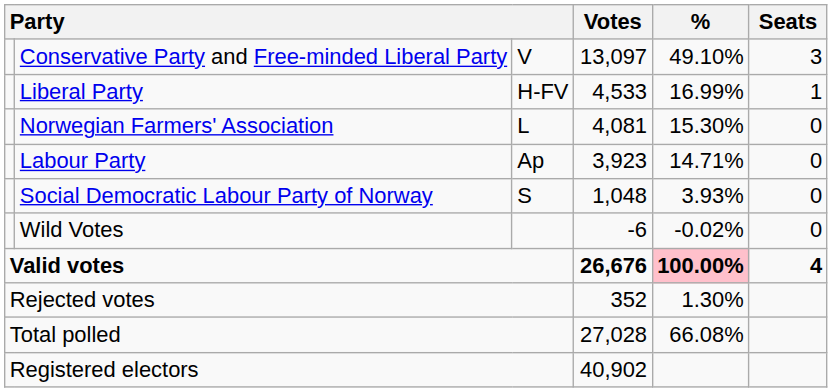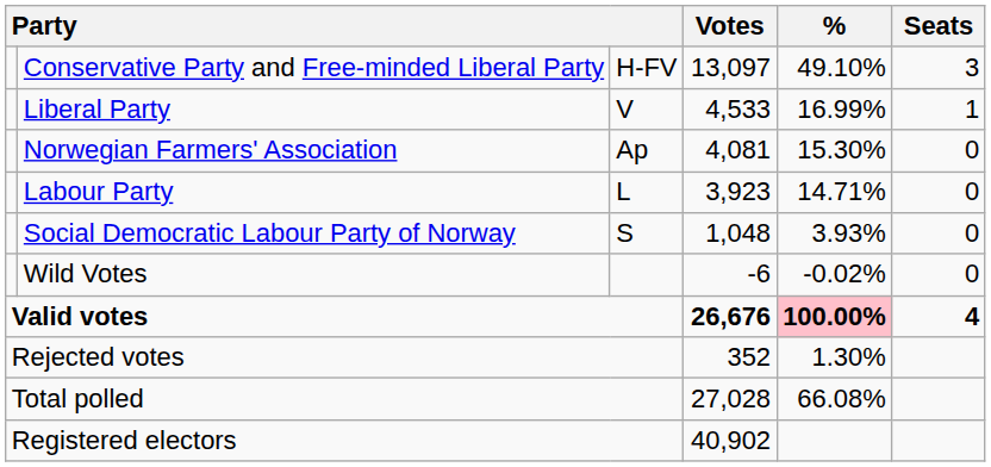 <table class="wikitable" border="1" style="text-align:right;">
 <tr>
 <th style="text-align:left;" colspan=3>Party</th>
 <th align=center width="50">Votes</th>
 <th align=center width="50">%</th>
 <th align=center width="50">Seats</th>
 </tr>
 <tr>
 <td></td>
 <td align=left><a href='#'>Conservative Party</a> and <a href='#'>Free-minded Liberal Party</a></td>
-<td align=left>V</td>
+<td align=left>H-FV</td>
 <td>13,097</td>
 <td>49.10%</td>
 <td>3</td>
 </tr>
 <tr>
 <td style="color:inherit;background:"></td>
 <td align=left><a href='#'>Liberal Party</a></td>
-<td align=left>H-FV</td>
+<td align=left>V</td>
 <td>4,533</td>
 <td>16.99%</td>
 <td>1</td>
 </tr>
 <tr>
 <td style="color:inherit;background:"></td>
 <td align=left><a href='#'>Norwegian Farmers' Association</a></td>
-<td align=left>L</td>
+<td align=left>Ap</td>
 <td>4,081</td>
 <td>15.30%</td>
 <td>0</td>
 </tr>
 <tr>
 <td style="color:inherit;background:"></td>
 <td align=left><a href='#'>Labour Party</a></td>
-<td align=left>Ap</td>
+<td align=left>L</td>
 <td>3,923</td>
 <td>14.71%</td>
 <td>0</td>
 </tr>
 <tr>
 <td style="color:inherit;background:"></td>
 <td align=left><a href='#'>Social Democratic Labour Party of Norway</a></td>
 <td align=left>S</td>
 <td>1,048</td>
 <td>3.93%</td>
 <td>0</td>
 </tr>
 <tr>
 <td></td>
 <td align=left>Wild Votes</td>
 <td align=left></td>
 <td>-6</td>
 <td>-0.02%</td>
 <td>0</td>
 </tr>
 <tr style="font-weight:bold">
 <td align=left colspan=3>Valid votes</td>
 <td>26,676</td>
 <td style="background: pink;">100.00%</td>
 <td>4</td>
 </tr>
 <tr>
 <td align=left colspan=3>Rejected votes</td>
 <td>352</td>
 <td>1.30%</td>
 <td></td>
 </tr>
 <tr>
 <td align=left colspan=3>Total polled</td>
 <td>27,028</td>
 <td>66.08%</td>
 <td></td>
 </tr>
 <tr>
 <td align=left colspan=3>Registered electors</td>
 <td>40,902</td>
 <td></td>
 <td></td>
 </tr>
 </table>
